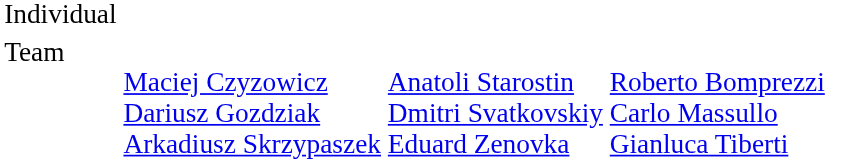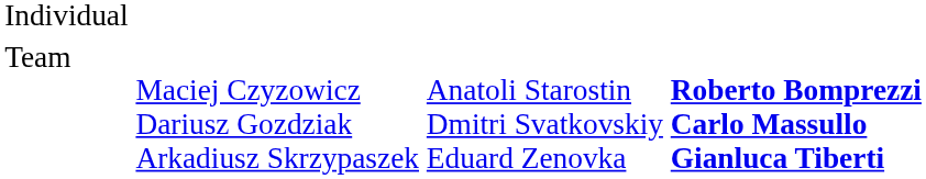 <table>
 <tr valign="top">
 <td>Individual</td>
 <td></td>
 <td></td>
 <td></td>
 </tr>
 <tr valign="top">
 <td>Team</td>
 <td><br><a href='#'>Maciej Czyzowicz</a><br><a href='#'>Dariusz Gozdziak</a><br><a href='#'>Arkadiusz Skrzypaszek</a></td>
 <td><br><a href='#'>Anatoli Starostin</a><br><a href='#'>Dmitri Svatkovskiy</a><br><a href='#'>Eduard Zenovka</a></td>
-<td><br><a href='#'>Roberto Bomprezzi</a><br><a href='#'>Carlo Massullo</a><br><a href='#'>Gianluca Tiberti</a></td>
+<td><strong><br><a href='#'>Roberto Bomprezzi</a><br><a href='#'>Carlo Massullo</a><br><a href='#'>Gianluca Tiberti</a></strong></td>
 </tr>
 </table>
